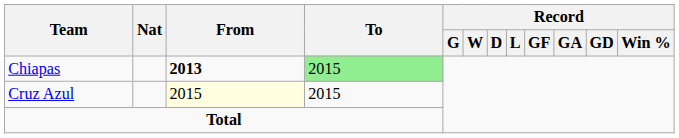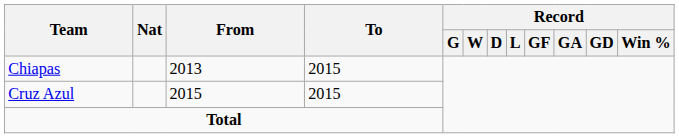 <table class="wikitable" style="text-align: center">
 <tr>
 <th rowspan="2" style="width:120px;">Team</th>
 <th rowspan="2" style="width:10px;">Nat</th>
 <th rowspan="2" style="width:130px;">From</th>
 <th rowspan="2" style="width:130px;">To</th>
 <th colspan="8">Record</th>
 </tr>
 <tr>
 <th>G</th>
 <th>W</th>
 <th>D</th>
 <th>L</th>
 <th>GF</th>
 <th>GA</th>
 <th>GD</th>
 <th>Win %</th>
 </tr>
 <tr>
 <td style="text-align:left;"><a href='#'>Chiapas</a></td>
 <td></td>
-<td style="text-align:left;"><strong>2013</strong></td>
-<td align="left" style="background: lightgreen;">2015<br></td>
+<td style="text-align:left;">2013</td>
+<td align="left">2015<br></td>
 </tr>
 <tr>
 <td style="text-align:left;"><a href='#'>Cruz Azul</a></td>
 <td></td>
-<td style="background: lightyellow; text-align:left;">2015</td>
+<td style="text-align:left;">2015</td>
 <td style="text-align:left;">2015<br></td>
 </tr>
 <tr>
 <td colspan="4"><strong>Total</strong><br></td>
 </tr>
 </table>
